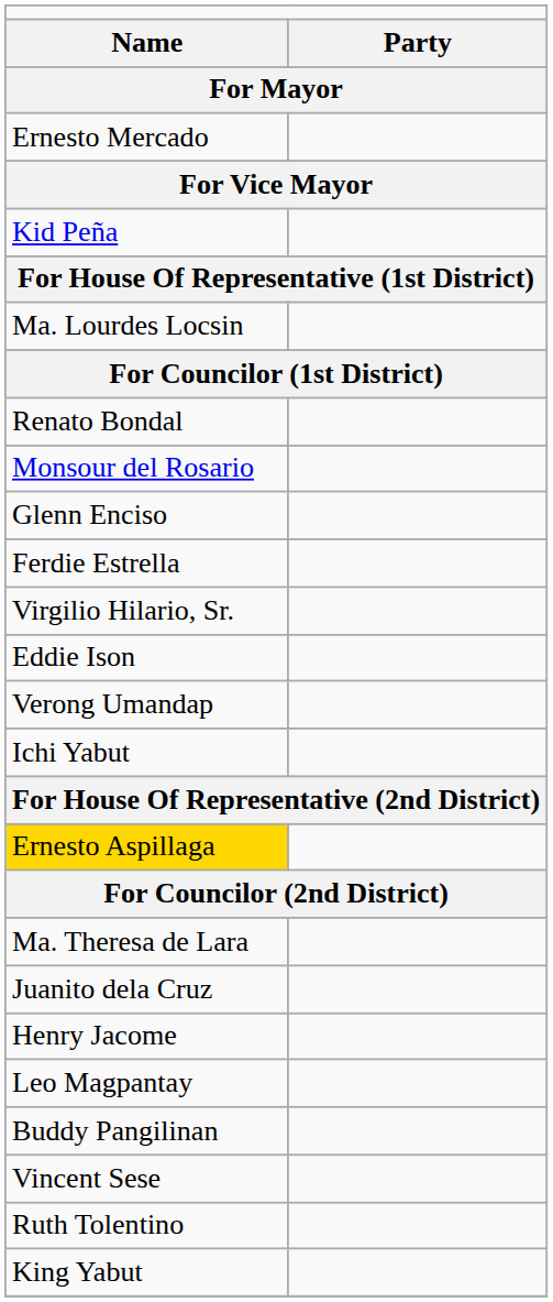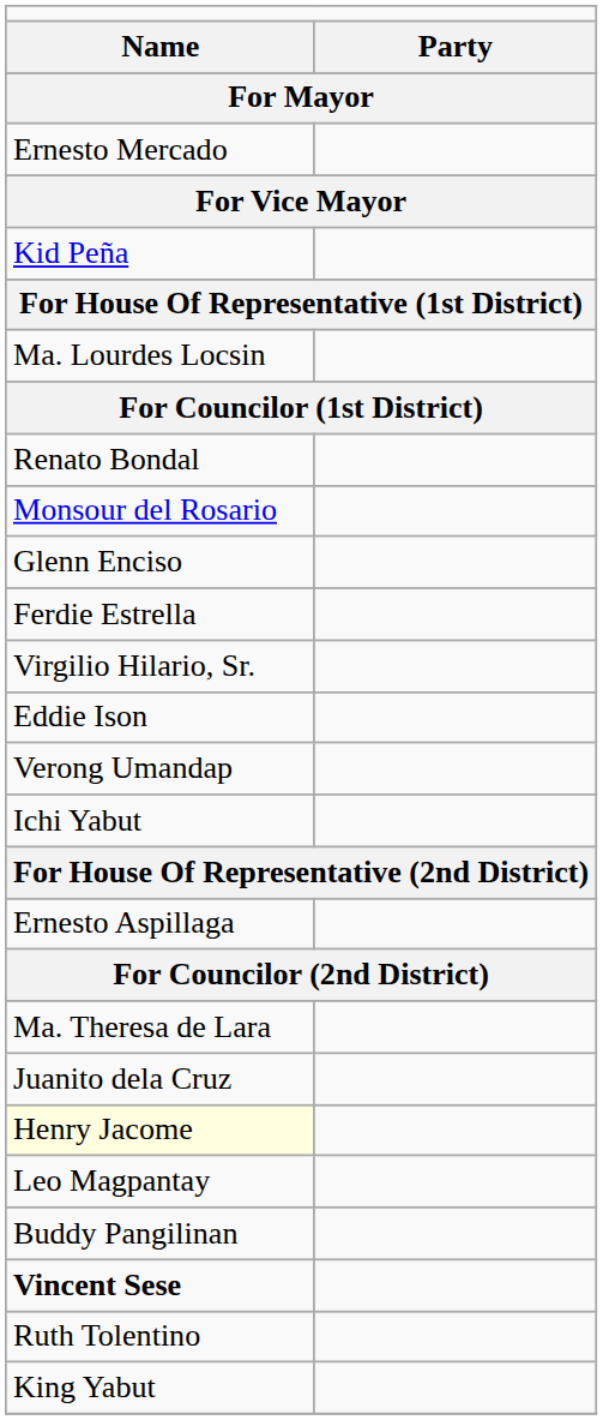 <table class=wikitable style="font-size:90%">
 <tr>
 <td colspan=5 bgcolor=></td>
 </tr>
 <tr>
 <th !width=150px>Name</th>
 <th colspan=2 width=110px>Party</th>
 </tr>
 <tr>
 <th colspan="4">For Mayor</th>
 </tr>
 <tr>
 <td>Ernesto Mercado</td>
 <td></td>
 </tr>
 <tr>
 <th colspan="4">For Vice Mayor</th>
 </tr>
 <tr>
 <td><a href='#'>Kid Peña</a></td>
 <td></td>
 </tr>
 <tr>
 <th colspan="4">For House Of Representative (1st District)</th>
 </tr>
 <tr>
 <td>Ma. Lourdes Locsin</td>
 <td></td>
 </tr>
 <tr>
 <th colspan="4">For Councilor (1st District)</th>
 </tr>
 <tr>
 <td>Renato Bondal</td>
 <td></td>
 </tr>
 <tr>
 <td><a href='#'>Monsour del Rosario</a></td>
 <td></td>
 </tr>
 <tr>
 <td>Glenn Enciso</td>
 <td></td>
 </tr>
 <tr>
 <td>Ferdie Estrella</td>
 <td></td>
 </tr>
 <tr>
 <td>Virgilio Hilario, Sr.</td>
 <td></td>
 </tr>
 <tr>
 <td>Eddie Ison</td>
 <td></td>
 </tr>
 <tr>
 <td>Verong Umandap</td>
 <td></td>
 </tr>
 <tr>
 <td>Ichi Yabut</td>
 <td></td>
 </tr>
 <tr>
 <th colspan="4">For House Of Representative (2nd District)</th>
 </tr>
 <tr>
-<td style="background: gold;">Ernesto Aspillaga</td>
+<td>Ernesto Aspillaga</td>
 <td></td>
 </tr>
 <tr>
 <th colspan="4">For Councilor (2nd District)</th>
 </tr>
 <tr>
 <td>Ma. Theresa de Lara</td>
 <td></td>
 </tr>
 <tr>
 <td>Juanito dela Cruz</td>
 <td></td>
 </tr>
 <tr>
-<td>Henry Jacome</td>
+<td style="background: lightyellow;">Henry Jacome</td>
 <td></td>
 </tr>
 <tr>
 <td>Leo Magpantay</td>
 <td></td>
 </tr>
 <tr>
 <td>Buddy Pangilinan</td>
 <td></td>
 </tr>
 <tr>
-<td>Vincent Sese</td>
+<td><strong>Vincent Sese</strong></td>
 <td></td>
 </tr>
 <tr>
 <td>Ruth Tolentino</td>
 <td></td>
 </tr>
 <tr>
 <td>King Yabut</td>
 <td></td>
 </tr>
 <tr>
 </tr>
 </table>
